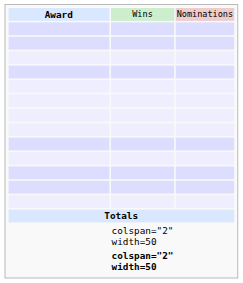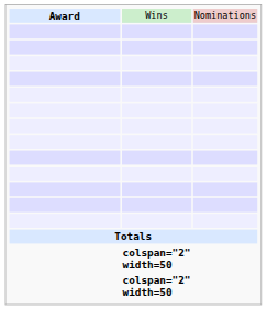 <table class="infobox" style="width: 25em; text-align: left; font-size: 90%; vertical-align: middle;">
 <tr bgcolor=#D9E8FF style="text-align:center;">
 <th style="vertical-align: middle;">Award</th>
 <td style="background:#cceecc; font-size:8pt;" width="60px">Wins</td>
 <td style="background:#eecccc; font-size:8pt;" width="60px">Nominations</td>
 </tr>
 <tr bgcolor=#ddddff>
 <td align="center"><br></td>
 <td></td>
 <td></td>
 </tr>
 <tr bgcolor=#ddddff>
 <td align="center"><br></td>
 <td></td>
 <td></td>
 </tr>
 <tr bgcolor=#eeeeff>
 <td align="center"><br></td>
 <td></td>
 <td></td>
 </tr>
 <tr bgcolor=#ddddff>
 <td align="center"><br></td>
 <td></td>
 <td></td>
 </tr>
 <tr bgcolor=#eeeeff>
 <td align="center"><br></td>
 <td></td>
 <td></td>
 </tr>
 <tr bgcolor=#eeeeff>
 <td align="center"><br></td>
 <td></td>
 <td></td>
 </tr>
 <tr bgcolor=#eeeeff>
 <td align="center"><br></td>
 <td></td>
 <td></td>
 </tr>
 <tr bgcolor=#eeeeff>
 <td align="center"><br></td>
 <td></td>
 <td></td>
 </tr>
 <tr bgcolor=#ddddff>
 <td align="center"><br></td>
 <td></td>
 <td></td>
 </tr>
 <tr bgcolor=#eeeeff>
 <td align="center"><br></td>
 <td></td>
 <td></td>
 </tr>
 <tr bgcolor=#ddddff>
 <td align="center"><br></td>
 <td></td>
 <td></td>
 </tr>
 <tr bgcolor=#ddddff>
 <td align="center"><br></td>
 <td></td>
 <td></td>
 </tr>
 <tr bgcolor=#eeeeff>
 <td align="center"><br></td>
 <td></td>
 <td></td>
 </tr>
 <tr bgcolor=#D9E8FF>
 <td colspan="3" style="text-align:center;"><strong>Totals</strong></td>
 </tr>
 <tr>
 <td></td>
-<td>colspan="2" width=50 </td>
+<td><strong>colspan="2" width=50 </strong></td>
 </tr>
 <tr>
 <td></td>
 <td><strong>colspan="2" width=50 </strong></td>
 </tr>
 </table>
